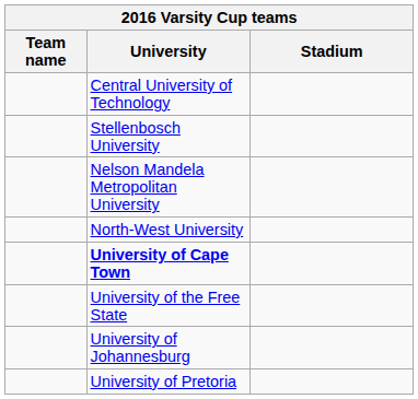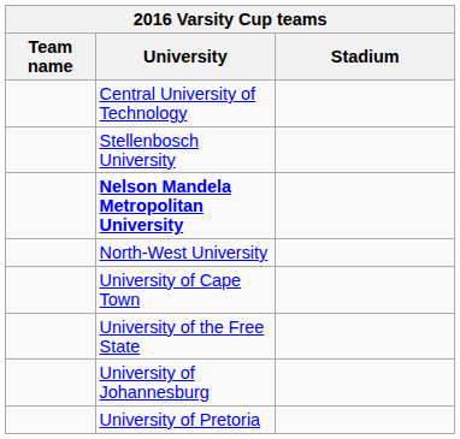 <table class="wikitable" style="text-align:left; font-size:90%; width:60%;">
 <tr>
 <th colspan=4 align=center><strong>2016 Varsity Cup teams</strong></th>
 </tr>
 <tr>
 <th width="20%">Team name</th>
 <th width="40%">University</th>
 <th width="40%">Stadium</th>
 </tr>
 <tr>
 <td></td>
 <td><a href='#'>Central University of Technology</a></td>
 <td></td>
 </tr>
 <tr>
 <td></td>
 <td><a href='#'>Stellenbosch University</a></td>
 <td></td>
 </tr>
 <tr>
 <td></td>
-<td><a href='#'>Nelson Mandela Metropolitan University</a></td>
+<td><strong><a href='#'>Nelson Mandela Metropolitan University</a></strong></td>
 <td></td>
 </tr>
 <tr>
 <td></td>
 <td><a href='#'>North-West University</a></td>
 <td></td>
 </tr>
 <tr>
 <td></td>
-<td><strong><a href='#'>University of Cape Town</a></strong></td>
+<td><a href='#'>University of Cape Town</a></td>
 <td></td>
 </tr>
 <tr>
 <td></td>
 <td><a href='#'>University of the Free State</a></td>
 <td></td>
 </tr>
 <tr>
 <td></td>
 <td><a href='#'>University of Johannesburg</a></td>
 <td></td>
 </tr>
 <tr>
 <td></td>
 <td><a href='#'>University of Pretoria</a></td>
 <td></td>
 </tr>
 </table>
